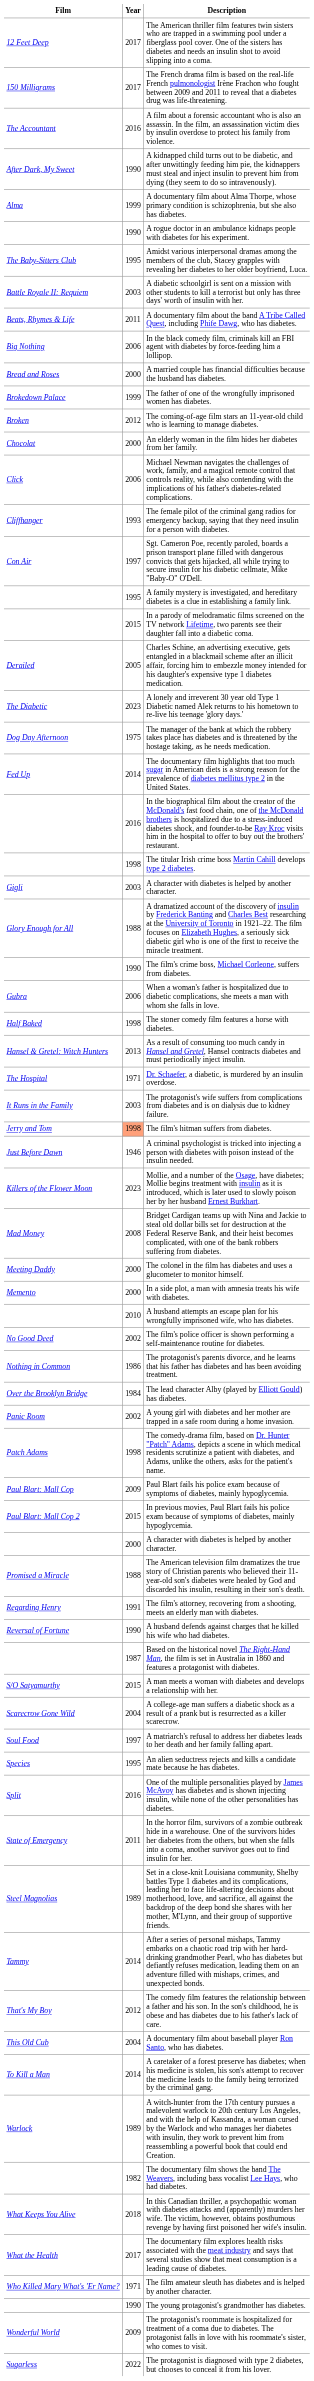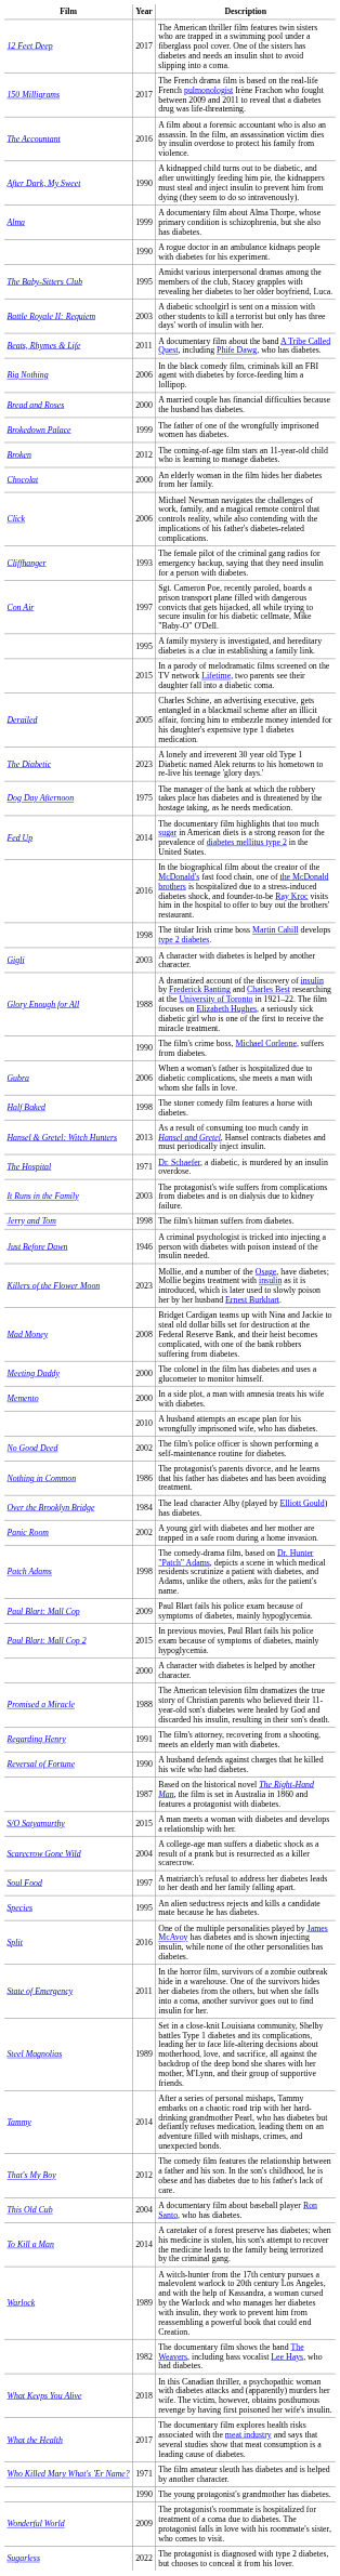 <table class="sortable" border="1" cellpadding="5" cellspacing="5" style="border-collapse: collapse; border-style: hidden;">
 <tr>
 <th scope="col">Film</th>
 <th scope="col">Year</th>
 <th scope="col" class="unsortable" style=white-space:nowrap>Description</th>
 </tr>
 <tr>
 <td><em><a href='#'>12 Feet Deep</a></em></td>
 <td>2017</td>
 <td>The American thriller film features twin sisters who are trapped in a swimming pool under a fiberglass pool cover. One of the sisters has diabetes and needs an insulin shot to avoid slipping into a coma.</td>
 </tr>
 <tr>
 <td><em><a href='#'>150 Milligrams</a></em></td>
 <td>2017</td>
 <td>The French drama film is based on the real-life French <a href='#'>pulmonologist</a> Irène Frachon who fought between 2009 and 2011 to reveal that a diabetes drug was life-threatening.</td>
 </tr>
 <tr>
 <td><em><a href='#'>The Accountant</a></em></td>
 <td>2016</td>
 <td>A film about a forensic accountant who is also an assassin. In the film, an assassination victim dies by insulin overdose to protect his family from violence.</td>
 </tr>
 <tr>
 <td><em><a href='#'>After Dark, My Sweet</a></em></td>
 <td>1990</td>
 <td>A kidnapped child turns out to be diabetic, and after unwittingly feeding him pie, the kidnappers must steal and inject insulin to prevent him from dying (they seem to do so intravenously).</td>
 </tr>
 <tr>
 <td><em><a href='#'>Alma</a></em></td>
 <td>1999</td>
 <td>A documentary film about Alma Thorpe, whose primary condition is schizophrenia, but she also has diabetes.</td>
 </tr>
 <tr>
 <td><em></em></td>
 <td>1990</td>
 <td>A rogue doctor in an ambulance kidnaps people with diabetes for his experiment.</td>
 </tr>
 <tr>
 <td><em><a href='#'>The Baby-Sitters Club</a></em></td>
 <td>1995</td>
 <td>Amidst various interpersonal dramas among the members of the club, Stacey grapples with revealing her diabetes to her older boyfriend, Luca.</td>
 </tr>
 <tr>
 <td><em><a href='#'>Battle Royale II: Requiem</a></em></td>
 <td>2003</td>
 <td>A diabetic schoolgirl is sent on a mission with other students to kill a terrorist but only has three days' worth of insulin with her.</td>
 </tr>
 <tr>
 <td><em><a href='#'>Beats, Rhymes & Life</a></em></td>
 <td>2011</td>
 <td>A documentary film about the band <a href='#'>A Tribe Called Quest</a>, including <a href='#'>Phife Dawg</a>, who has diabetes.</td>
 </tr>
 <tr>
 <td><em><a href='#'>Big Nothing</a></em></td>
 <td>2006</td>
 <td>In the black comedy film, criminals kill an FBI agent with diabetes by force-feeding him a lollipop.</td>
 </tr>
 <tr>
 <td><em><a href='#'>Bread and Roses</a></em></td>
 <td>2000</td>
 <td>A married couple has financial difficulties because the husband has diabetes.</td>
 </tr>
 <tr>
 <td><em><a href='#'>Brokedown Palace</a></em></td>
 <td>1999</td>
 <td>The father of one of the wrongfully imprisoned women has diabetes.</td>
 </tr>
 <tr>
 <td><em><a href='#'>Broken</a></em></td>
 <td>2012</td>
 <td>The coming-of-age film stars an 11-year-old child who is learning to manage diabetes.</td>
 </tr>
 <tr>
 <td><em><a href='#'>Chocolat</a></em></td>
 <td>2000</td>
 <td>An elderly woman in the film hides her diabetes from her family.</td>
 </tr>
 <tr>
 <td><em><a href='#'>Click</a></em></td>
 <td>2006</td>
 <td>Michael Newman navigates the challenges of work, family, and a magical remote control that controls reality, while also contending with the implications of his father's diabetes-related complications.</td>
 </tr>
 <tr>
 <td><em><a href='#'>Cliffhanger</a></em></td>
 <td>1993</td>
 <td>The female pilot of the criminal gang radios for emergency backup, saying that they need insulin for a person with diabetes.</td>
 </tr>
 <tr>
 <td><em><a href='#'>Con Air</a></em></td>
 <td>1997</td>
 <td>Sgt. Cameron Poe, recently paroled, boards a prison transport plane filled with dangerous convicts that gets hijacked, all while trying to secure insulin for his diabetic cellmate, Mike "Baby-O" O'Dell.</td>
 </tr>
 <tr>
 <td><em></em></td>
 <td>1995</td>
 <td>A family mystery is investigated, and hereditary diabetes is a clue in establishing a family link.</td>
 </tr>
 <tr>
 <td><em></em></td>
 <td>2015</td>
 <td>In a parody of melodramatic films screened on the TV network <a href='#'>Lifetime</a>, two parents see their daughter fall into a diabetic coma.</td>
 </tr>
 <tr>
 <td><em><a href='#'>Derailed</a></em></td>
 <td>2005</td>
 <td>Charles Schine, an advertising executive, gets entangled in a blackmail scheme after an illicit affair, forcing him to embezzle money intended for his daughter's expensive type 1 diabetes medication.</td>
 </tr>
 <tr>
 <td><em><a href='#'>The Diabetic</a></em></td>
 <td>2023</td>
 <td>A lonely and irreverent 30 year old Type 1 Diabetic named Alek returns to his hometown to re-live his teenage 'glory days.' </td>
 </tr>
 <tr>
 <td><em><a href='#'>Dog Day Afternoon</a></em></td>
 <td>1975</td>
 <td>The manager of the bank at which the robbery takes place has diabetes and is threatened by the hostage taking, as he needs medication.</td>
 </tr>
 <tr>
 <td><em><a href='#'>Fed Up</a></em></td>
 <td>2014</td>
 <td>The documentary film highlights that too much <a href='#'>sugar</a> in American diets is a strong reason for the prevalence of <a href='#'>diabetes mellitus type 2</a> in the United States.</td>
 </tr>
 <tr>
 <td><em></em></td>
 <td>2016</td>
 <td>In the biographical film about the creator of the <a href='#'>McDonald's</a> fast food chain, one of <a href='#'>the McDonald brothers</a> is hospitalized due to a stress-induced diabetes shock, and founder-to-be <a href='#'>Ray Kroc</a> visits him in the hospital to offer to buy out the brothers' restaurant.</td>
 </tr>
 <tr>
 <td><em></em></td>
 <td>1998</td>
 <td>The titular Irish crime boss <a href='#'>Martin Cahill</a> develops <a href='#'>type 2 diabetes</a>.</td>
 </tr>
 <tr>
 <td><em><a href='#'>Gigli</a></em></td>
 <td>2003</td>
 <td>A character with diabetes is helped by another character.</td>
 </tr>
 <tr>
 <td><em><a href='#'>Glory Enough for All</a></em></td>
 <td>1988</td>
 <td>A dramatized account of the discovery of <a href='#'>insulin</a> by <a href='#'>Frederick Banting</a> and <a href='#'>Charles Best</a> researching at the <a href='#'>University of Toronto</a> in 1921–22. The film focuses on <a href='#'>Elizabeth Hughes</a>, a seriously sick diabetic girl who is one of the first to receive the miracle treatment.</td>
 </tr>
 <tr>
 <td><em></em></td>
 <td>1990</td>
 <td>The film's crime boss, <a href='#'>Michael Corleone</a>, suffers from diabetes.</td>
 </tr>
 <tr>
 <td><em><a href='#'>Gubra</a></em></td>
 <td>2006</td>
 <td>When a woman's father is hospitalized due to diabetic complications, she meets a man with whom she falls in love.</td>
 </tr>
 <tr>
 <td><em><a href='#'>Half Baked</a></em></td>
 <td>1998</td>
 <td>The stoner comedy film features a horse with diabetes.</td>
 </tr>
 <tr>
 <td><em><a href='#'>Hansel & Gretel: Witch Hunters</a></em></td>
 <td>2013</td>
 <td>As a result of consuming too much candy in <em><a href='#'>Hansel and Gretel</a></em>, Hansel contracts diabetes and must periodically inject insulin.</td>
 </tr>
 <tr>
 <td><em><a href='#'>The Hospital</a></em></td>
 <td>1971</td>
 <td><a href='#'>Dr. Schaefer</a>, a diabetic, is murdered by an insulin overdose.</td>
 </tr>
 <tr>
 <td><em><a href='#'>It Runs in the Family</a></em></td>
 <td>2003</td>
 <td>The protagonist's wife suffers from complications from diabetes and is on dialysis due to kidney failure.</td>
 </tr>
 <tr>
 <td><em><a href='#'>Jerry and Tom</a></em></td>
-<td style="background: lightsalmon;">1998</td>
+<td>1998</td>
 <td>The film's hitman suffers from diabetes.</td>
 </tr>
 <tr>
 <td><em><a href='#'>Just Before Dawn</a></em></td>
 <td>1946</td>
 <td>A criminal psychologist is tricked into injecting a person with diabetes with poison instead of the insulin needed.</td>
 </tr>
 <tr>
 <td><em><a href='#'>Killers of the Flower Moon</a></em></td>
 <td>2023</td>
 <td>Mollie, and a number of the <a href='#'>Osage</a>, have diabetes; Mollie begins treatment with <a href='#'>insulin</a> as it is introduced, which is later used to slowly poison her by her husband <a href='#'>Ernest Burkhart</a>.</td>
 </tr>
 <tr>
 <td><em><a href='#'>Mad Money</a></em></td>
 <td>2008</td>
 <td>Bridget Cardigan teams up with Nina and Jackie to steal old dollar bills set for destruction at the Federal Reserve Bank, and their heist becomes complicated, with one of the bank robbers suffering from diabetes.</td>
 </tr>
 <tr>
 <td><em><a href='#'>Meeting Daddy</a></em></td>
 <td>2000</td>
 <td>The colonel in the film has diabetes and uses a glucometer to monitor himself.</td>
 </tr>
 <tr>
 <td><em><a href='#'>Memento</a></em></td>
 <td>2000</td>
 <td>In a side plot, a man with amnesia treats his wife with diabetes.</td>
 </tr>
 <tr>
 <td><em></em></td>
 <td>2010</td>
 <td>A husband attempts an escape plan for his wrongfully imprisoned wife, who has diabetes.</td>
 </tr>
 <tr>
 <td><em><a href='#'>No Good Deed</a></em></td>
 <td>2002</td>
 <td>The film's police officer is shown performing a self-maintenance routine for diabetes.</td>
 </tr>
 <tr>
 <td><em><a href='#'>Nothing in Common</a></em></td>
 <td>1986</td>
 <td>The protagonist's parents divorce, and he learns that his father has diabetes and has been avoiding treatment.</td>
 </tr>
 <tr>
 <td><em><a href='#'>Over the Brooklyn Bridge</a></em></td>
 <td>1984</td>
 <td>The lead character Alby (played by <a href='#'>Elliott Gould</a>) has diabetes.</td>
 </tr>
 <tr>
 <td><em><a href='#'>Panic Room</a></em></td>
 <td>2002</td>
 <td>A young girl with diabetes and her mother are trapped in a safe room during a home invasion.</td>
 </tr>
 <tr>
 <td><em><a href='#'>Patch Adams</a></em></td>
 <td>1998</td>
 <td>The comedy-drama film, based on <a href='#'>Dr. Hunter "Patch" Adams</a>, depicts a scene in which medical residents scrutinize a patient with diabetes, and Adams, unlike the others, asks for the patient's name.</td>
 </tr>
 <tr>
 <td><em><a href='#'>Paul Blart: Mall Cop</a></em></td>
 <td>2009</td>
 <td>Paul Blart fails his police exam because of symptoms of diabetes, mainly hypoglycemia.</td>
 </tr>
 <tr>
 <td><em><a href='#'>Paul Blart: Mall Cop 2</a></em></td>
 <td>2015</td>
 <td>In previous movies, Paul Blart fails his police exam because of symptoms of diabetes, mainly hypoglycemia.</td>
 </tr>
 <tr>
 <td><em></em></td>
 <td>2000</td>
 <td>A character with diabetes is helped by another character.</td>
 </tr>
 <tr>
 <td><em><a href='#'>Promised a Miracle</a></em></td>
 <td>1988</td>
 <td>The American television film dramatizes the true story of Christian parents who believed their 11-year-old son's diabetes were healed by God and discarded his insulin, resulting in their son's death.</td>
 </tr>
 <tr>
 <td><em><a href='#'>Regarding Henry</a></em></td>
 <td>1991</td>
 <td>The film's attorney, recovering from a shooting, meets an elderly man with diabetes.</td>
 </tr>
 <tr>
 <td><em><a href='#'>Reversal of Fortune</a></em></td>
 <td>1990</td>
 <td>A husband defends against charges that he killed his wife who had diabetes.</td>
 </tr>
 <tr>
 <td><em></em></td>
 <td>1987</td>
 <td>Based on the historical novel <em><a href='#'>The Right-Hand Man</a></em>, the film is set in Australia in 1860 and features a protagonist with diabetes.</td>
 </tr>
 <tr>
 <td><em><a href='#'>S/O Satyamurthy</a></em></td>
 <td>2015</td>
 <td>A man meets a woman with diabetes and develops a relationship with her.</td>
 </tr>
 <tr>
 <td><em><a href='#'>Scarecrow Gone Wild</a></em></td>
 <td>2004</td>
 <td>A college-age man suffers a diabetic shock as a result of a prank but is resurrected as a killer scarecrow.</td>
 </tr>
 <tr>
 <td><em><a href='#'>Soul Food</a></em></td>
 <td>1997</td>
 <td>A matriarch's refusal to address her diabetes leads to her death and her family falling apart.</td>
 </tr>
 <tr>
 <td><em><a href='#'>Species</a></em></td>
 <td>1995</td>
 <td>An alien seductress rejects and kills a candidate mate because he has diabetes.</td>
 </tr>
 <tr>
 <td><a href='#'><em>Split</em></a></td>
 <td>2016</td>
 <td>One of the multiple personalities played by <a href='#'>James McAvoy</a> has diabetes and is shown injecting insulin, while none of the other personalities has diabetes.</td>
 </tr>
 <tr>
 <td><em><a href='#'>State of Emergency</a></em></td>
 <td>2011</td>
 <td>In the horror film, survivors of a zombie outbreak hide in a warehouse. One of the survivors hides her diabetes from the others, but when she falls into a coma, another survivor goes out to find insulin for her.</td>
 </tr>
 <tr>
 <td><em><a href='#'>Steel Magnolias</a></em></td>
 <td>1989</td>
 <td>Set in a close-knit Louisiana community, Shelby battles Type 1 diabetes and its complications, leading her to face life-altering decisions about motherhood, love, and sacrifice, all against the backdrop of the deep bond she shares with her mother, M'Lynn, and their group of supportive friends.</td>
 </tr>
 <tr>
 <td><em><a href='#'>Tammy</a></em></td>
 <td>2014</td>
 <td>After a series of personal mishaps, Tammy embarks on a chaotic road trip with her hard-drinking grandmother Pearl, who has diabetes but defiantly refuses medication, leading them on an adventure filled with mishaps, crimes, and unexpected bonds.</td>
 </tr>
 <tr>
 <td><em><a href='#'>That's My Boy</a></em></td>
 <td>2012</td>
 <td>The comedy film features the relationship between a father and his son. In the son's childhood, he is obese and has diabetes due to his father's lack of care.</td>
 </tr>
 <tr>
 <td><em><a href='#'>This Old Cub</a></em></td>
 <td>2004</td>
 <td>A documentary film about baseball player <a href='#'>Ron Santo</a>, who has diabetes.</td>
 </tr>
 <tr>
 <td><em><a href='#'>To Kill a Man</a></em></td>
 <td>2014</td>
 <td>A caretaker of a forest preserve has diabetes; when his medicine is stolen, his son's attempt to recover the medicine leads to the family being terrorized by the criminal gang.</td>
 </tr>
 <tr>
 <td><em><a href='#'>Warlock</a></em></td>
 <td>1989</td>
 <td>A witch-hunter from the 17th century pursues a malevolent warlock to 20th century Los Angeles, and with the help of Kassandra, a woman cursed by the Warlock and who manages her diabetes with insulin, they work to prevent him from reassembling a powerful book that could end Creation.</td>
 </tr>
 <tr>
 <td style=white-space:nowrap><em></em></td>
 <td>1982</td>
 <td>The documentary film shows the band <a href='#'>The Weavers</a>, including bass vocalist <a href='#'>Lee Hays</a>, who had diabetes.</td>
 </tr>
 <tr>
 <td><em><a href='#'>What Keeps You Alive</a></em></td>
 <td>2018</td>
 <td>In this Canadian thriller, a psychopathic woman with diabetes attacks and (apparently) murders her wife. The victim, however, obtains posthumous revenge by having first poisoned her wife's insulin.</td>
 </tr>
 <tr>
 <td><em><a href='#'>What the Health</a></em></td>
 <td>2017</td>
 <td>The documentary film explores health risks associated with the <a href='#'>meat industry</a> and says that several studies show that meat consumption is a leading cause of diabetes.</td>
 </tr>
 <tr>
 <td style=white-space:nowrap><em><a href='#'>Who Killed Mary What's 'Er Name?</a></em></td>
 <td>1971</td>
 <td>The film amateur sleuth has diabetes and is helped by another character.</td>
 </tr>
 <tr>
 <td><em></em></td>
 <td>1990</td>
 <td>The young protagonist's grandmother has diabetes.</td>
 </tr>
 <tr>
 <td><em><a href='#'>Wonderful World</a></em></td>
 <td>2009</td>
 <td>The protagonist's roommate is hospitalized for treatment of a coma due to diabetes. The protagonist falls in love with his roommate's sister, who comes to visit.</td>
 </tr>
 <tr>
 <td><em><a href='#'>Sugarless</a></em></td>
 <td>2022</td>
 <td>The protagonist is diagnosed with type 2 diabetes, but chooses to conceal it from his lover.</td>
 </tr>
 </table>
